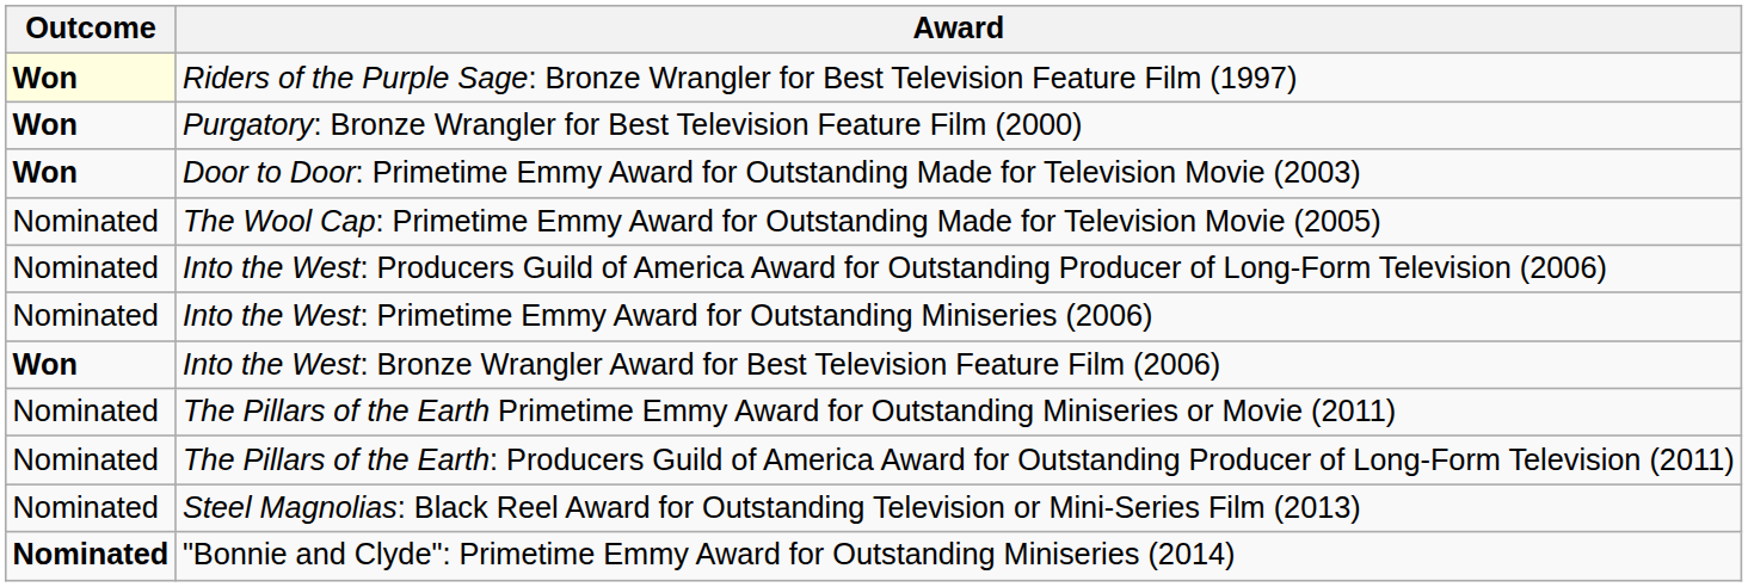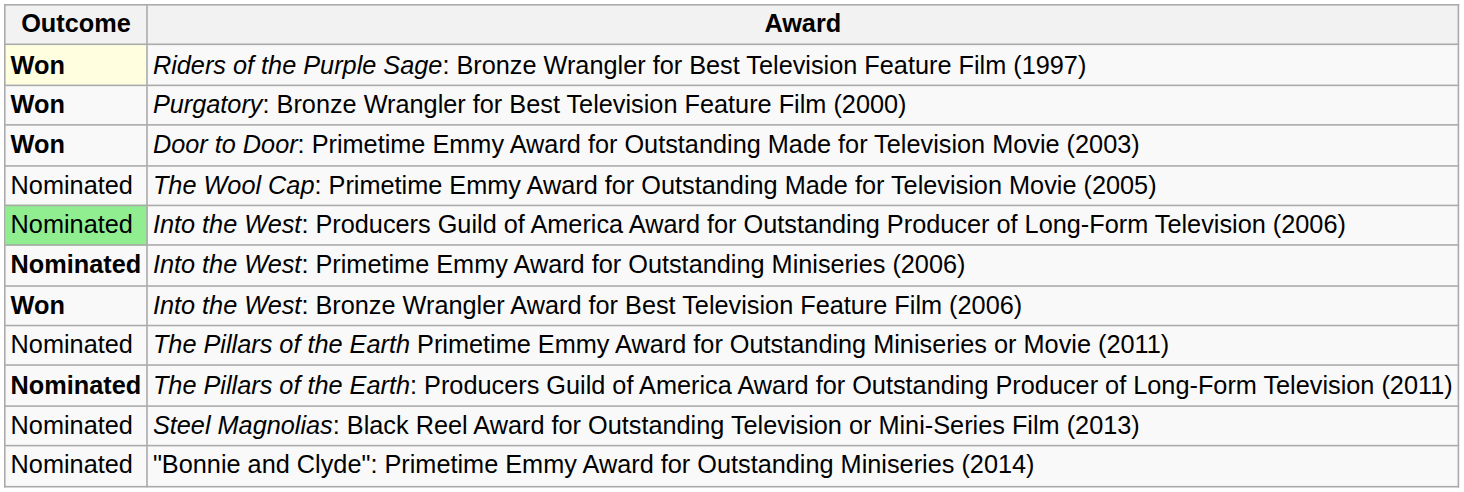 <table class="wikitable">
 <tr>
 <th>Outcome</th>
 <th>Award</th>
 </tr>
 <tr>
 <td style="background: lightyellow;"><strong>Won</strong></td>
 <td><em>Riders of the Purple Sage</em>: Bronze Wrangler for Best Television Feature Film (1997)</td>
 </tr>
 <tr>
 <td><strong>Won</strong></td>
 <td><em>Purgatory</em>: Bronze Wrangler for Best Television Feature Film (2000)</td>
 </tr>
 <tr>
 <td><strong>Won</strong></td>
 <td><em>Door to Door</em>: Primetime Emmy Award for Outstanding Made for Television Movie (2003)</td>
 </tr>
 <tr>
 <td>Nominated</td>
 <td><em>The Wool Cap</em>: Primetime Emmy Award for Outstanding Made for Television Movie (2005)</td>
 </tr>
 <tr>
-<td>Nominated</td>
+<td style="background: lightgreen;">Nominated</td>
 <td><em>Into the West</em>: Producers Guild of America Award for Outstanding Producer of Long-Form Television (2006)</td>
 </tr>
 <tr>
-<td>Nominated</td>
+<td><strong>Nominated</strong></td>
 <td><em>Into the West</em>: Primetime Emmy Award for Outstanding Miniseries (2006)</td>
 </tr>
 <tr>
 <td><strong>Won</strong></td>
 <td><em>Into the West</em>: Bronze Wrangler Award for Best Television Feature Film (2006)</td>
 </tr>
 <tr>
 <td>Nominated</td>
 <td><em>The Pillars of the Earth</em> Primetime Emmy Award for Outstanding Miniseries or Movie (2011)</td>
 </tr>
 <tr>
-<td>Nominated</td>
+<td><strong>Nominated</strong></td>
 <td><em>The Pillars of the Earth</em>: Producers Guild of America Award for Outstanding Producer of Long-Form Television (2011)</td>
 </tr>
 <tr>
 <td>Nominated</td>
 <td><em>Steel Magnolias</em>: Black Reel Award for Outstanding Television or Mini-Series Film (2013)</td>
 </tr>
 <tr>
-<td><strong>Nominated</strong></td>
+<td>Nominated</td>
 <td>"Bonnie and Clyde": Primetime Emmy Award for Outstanding Miniseries (2014)</td>
 </tr>
 </table>
